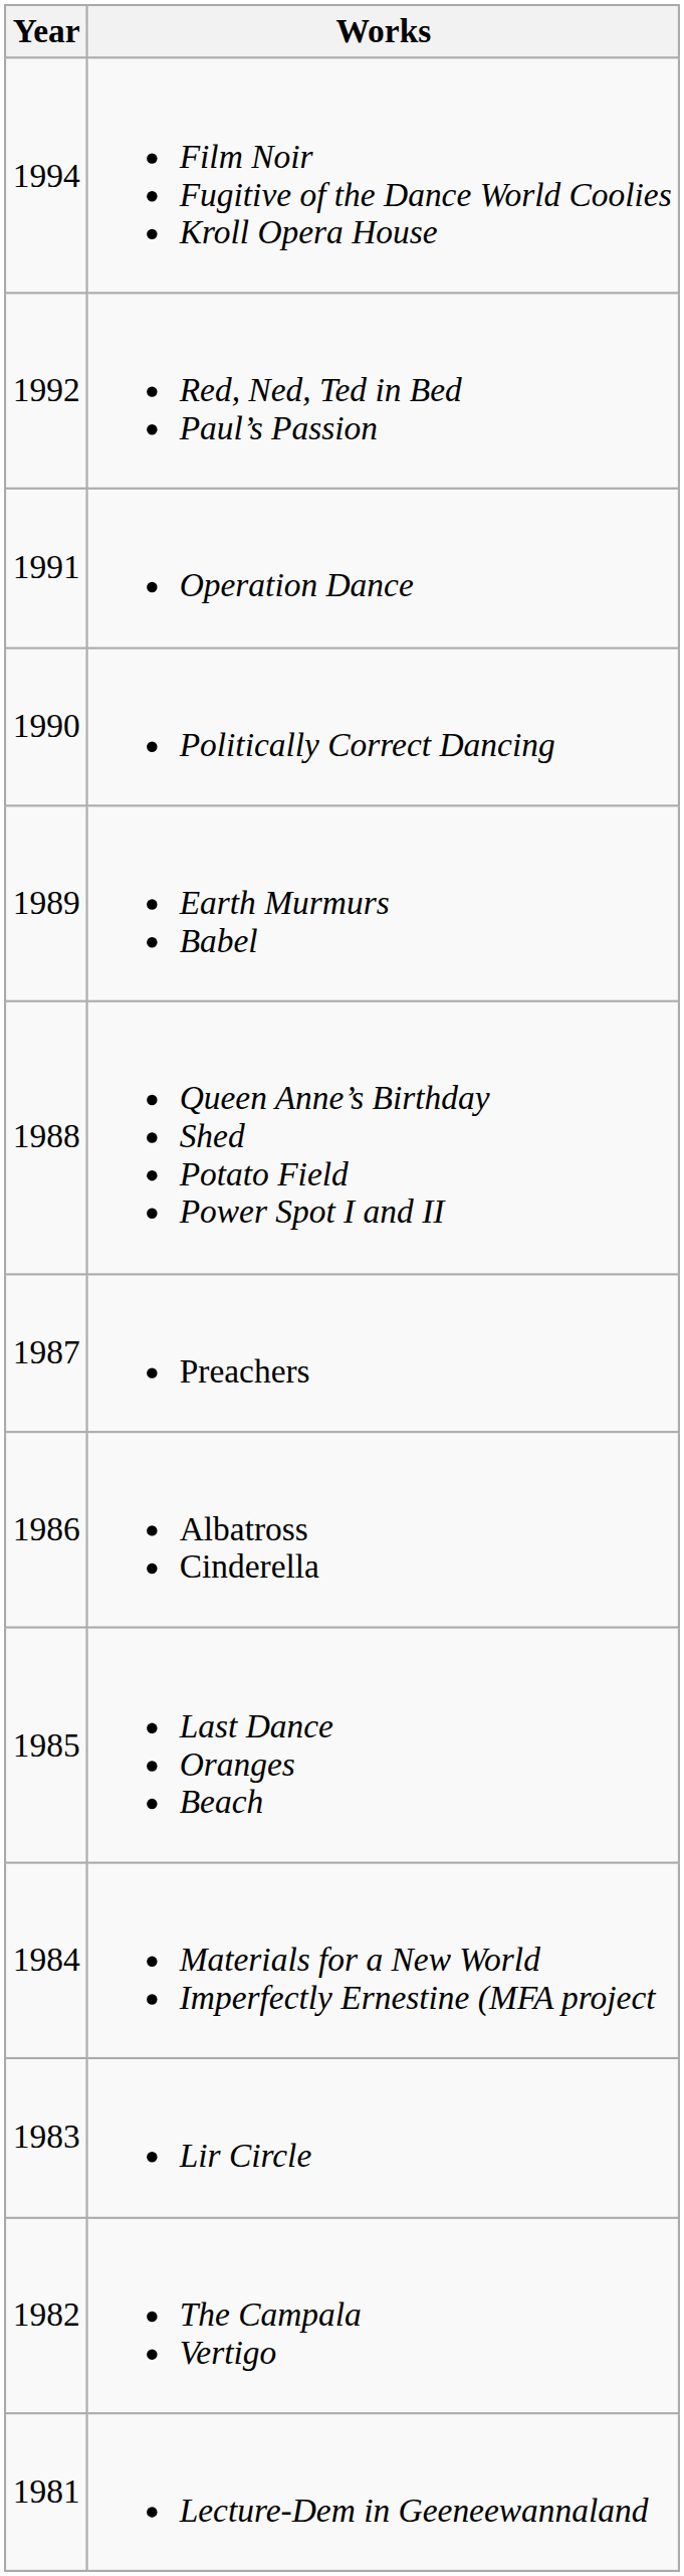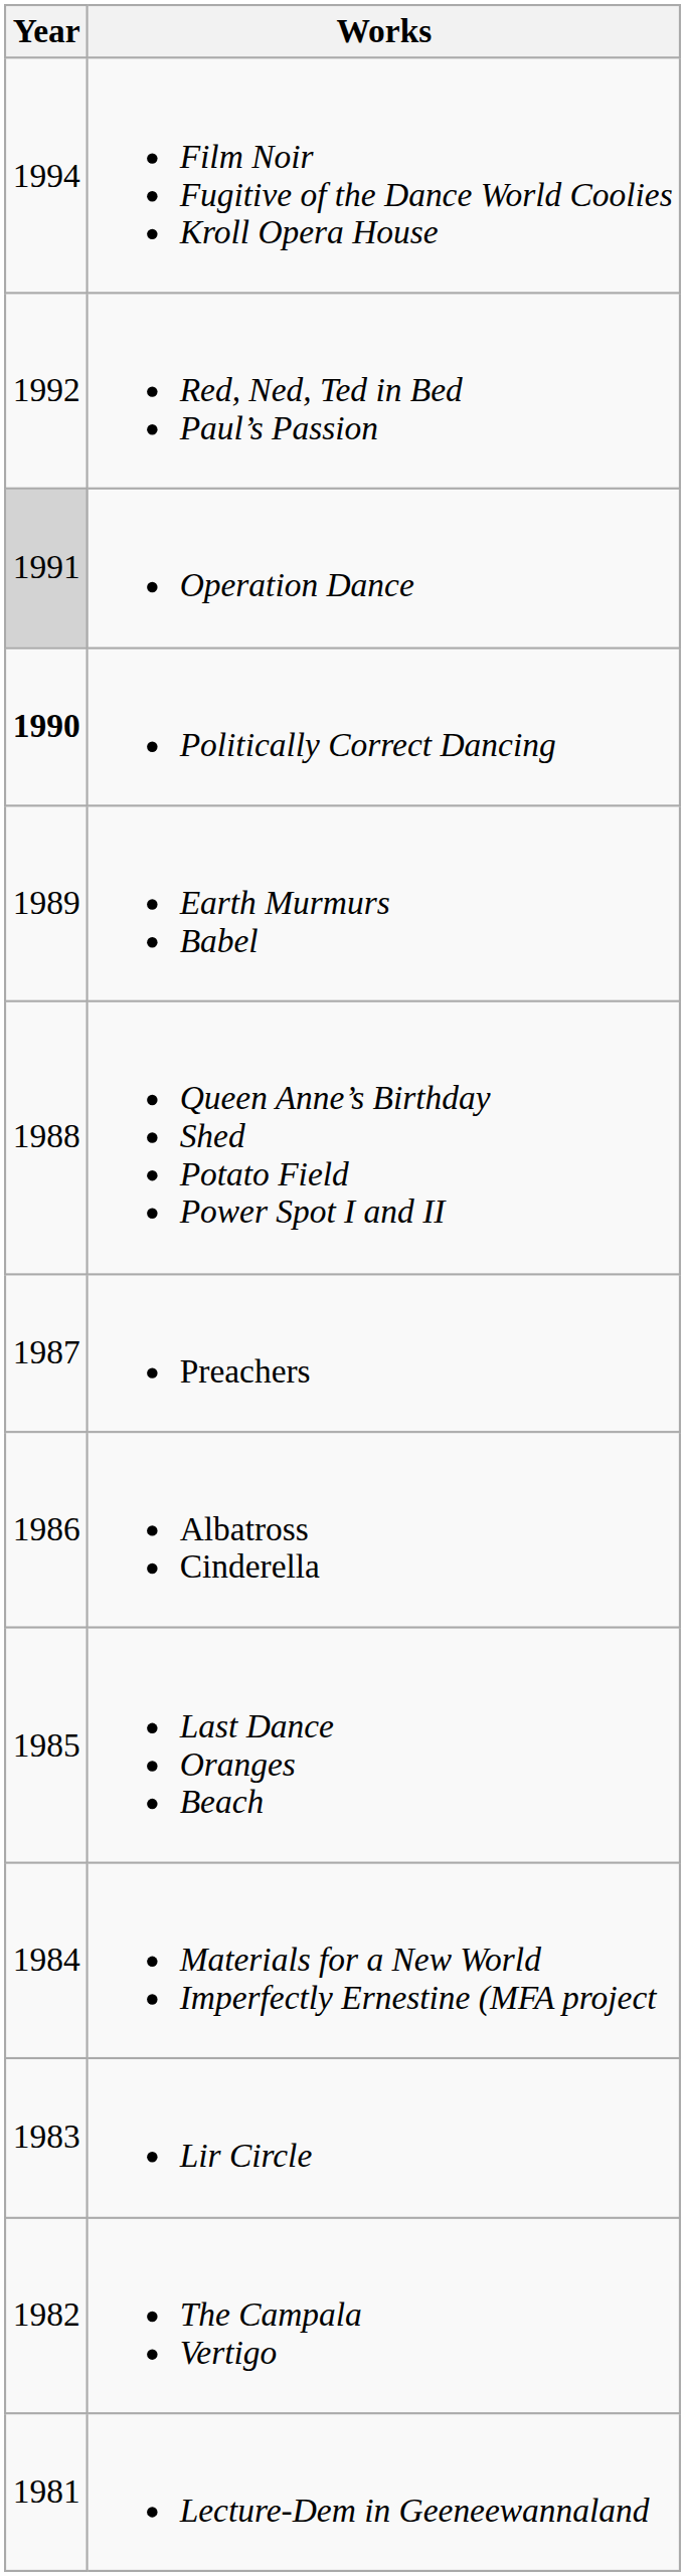 <table class="wikitable">
 <tr>
 <th>Year</th>
 <th>Works</th>
 </tr>
 <tr>
 <td>1994</td>
 <td><br><ul><li><em>Film Noir</em></li><li><em>Fugitive of the Dance World Coolies</em></li><li><em>Kroll Opera House</em></li></ul></td>
 </tr>
 <tr>
 <td>1992</td>
 <td><br><ul><li><em>Red, Ned, Ted in Bed</em></li><li><em>Paul’s Passion</em></li></ul></td>
 </tr>
 <tr>
-<td>1991</td>
+<td style="background: lightgrey;">1991</td>
 <td><br><ul><li><em>Operation Dance</em></li></ul></td>
 </tr>
 <tr>
-<td>1990</td>
+<td><strong>1990</strong></td>
 <td><br><ul><li><em>Politically Correct Dancing</em></li></ul></td>
 </tr>
 <tr>
 <td>1989</td>
 <td><br><ul><li><em>Earth Murmurs</em></li><li><em>Babel</em></li></ul></td>
 </tr>
 <tr>
 <td>1988</td>
 <td><br><ul><li><em>Queen Anne’s Birthday</em></li><li><em>Shed</em></li><li><em>Potato Field</em></li><li><em>Power Spot I and II</em></li></ul></td>
 </tr>
 <tr>
 <td>1987</td>
 <td><br><ul><li>Preachers</li></ul></td>
 </tr>
 <tr>
 <td>1986</td>
 <td><br><ul><li>Albatross</li><li>Cinderella</li></ul></td>
 </tr>
 <tr>
 <td>1985</td>
 <td><br><ul><li><em>Last Dance</em></li><li><em>Oranges</em></li><li><em>Beach</em></li></ul></td>
 </tr>
 <tr>
 <td>1984</td>
 <td><br><ul><li><em>Materials for a New World</em></li><li><em>Imperfectly Ernestine (MFA project</em></li></ul></td>
 </tr>
 <tr>
 <td>1983</td>
 <td><br><ul><li><em>Lir Circle</em></li></ul></td>
 </tr>
 <tr>
 <td>1982</td>
 <td><br><ul><li><em>The Campala</em></li><li><em>Vertigo</em></li></ul></td>
 </tr>
 <tr>
 <td>1981</td>
 <td><br><ul><li><em>Lecture-Dem in Geeneewannaland</em></li></ul></td>
 </tr>
 </table>
